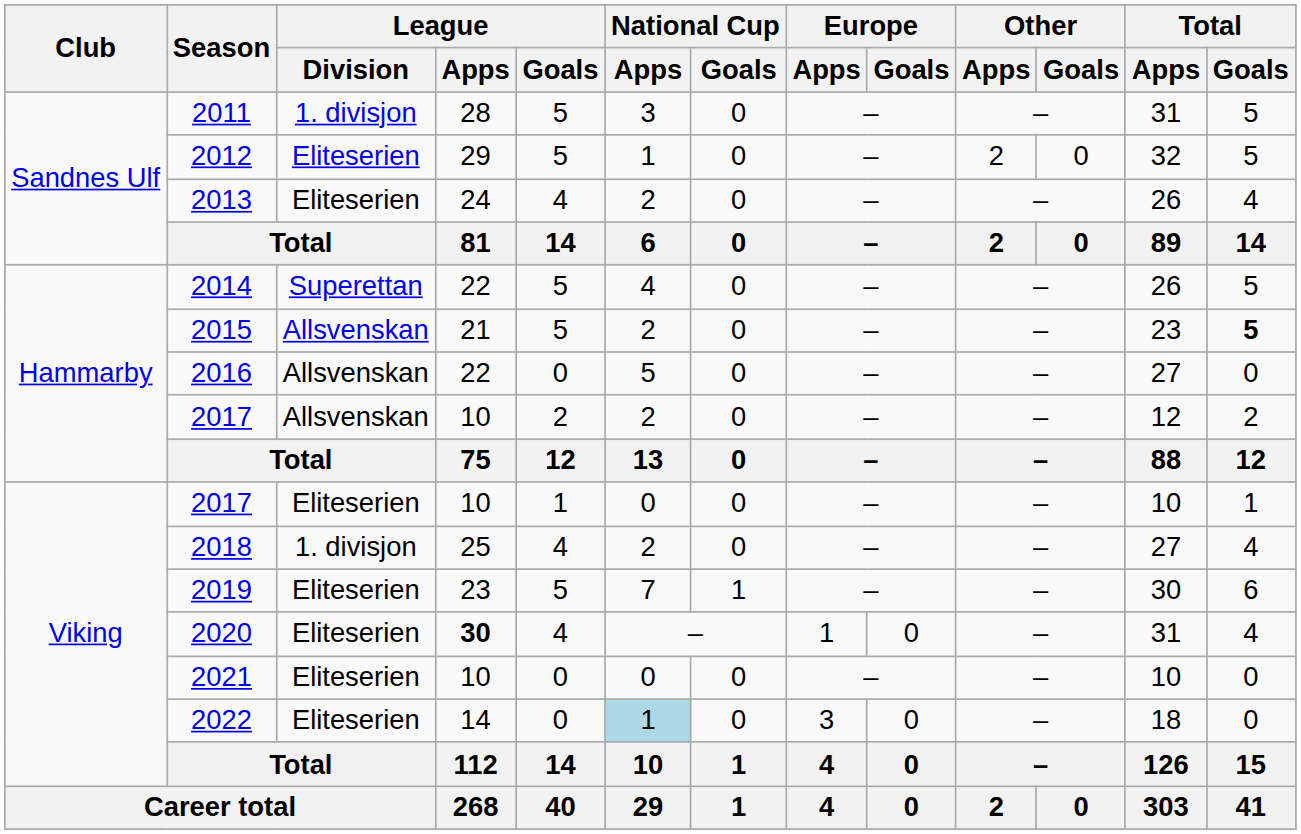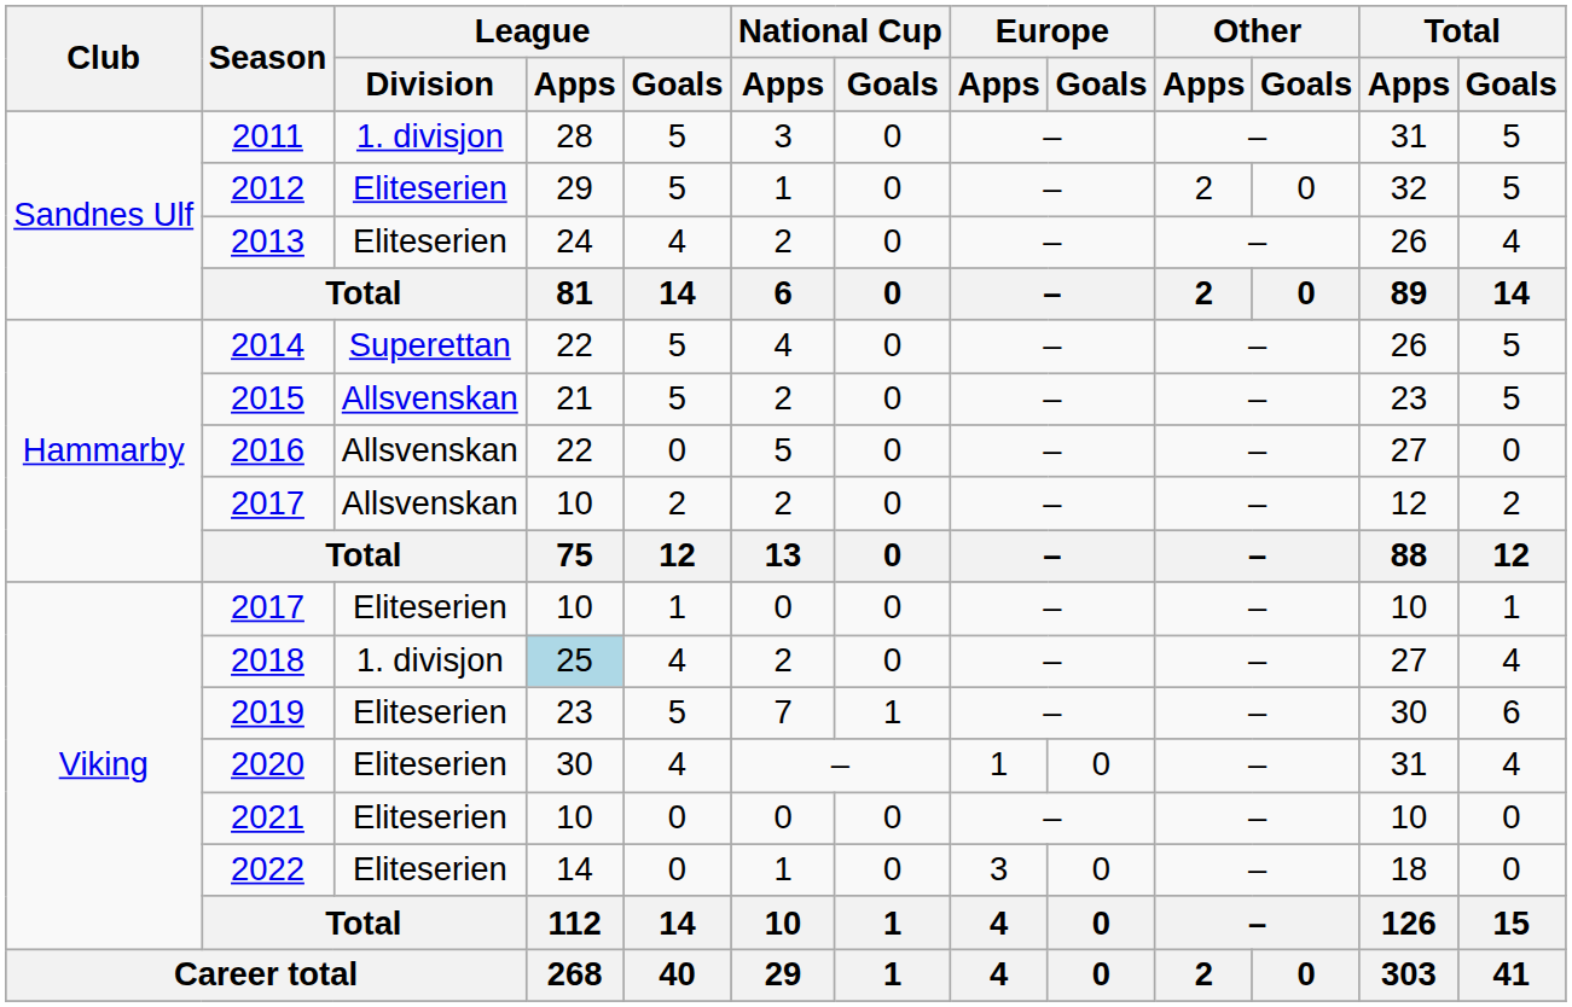 <table class="wikitable" style="text-align: center;">
 <tr>
 <th rowspan="2">Club</th>
 <th rowspan="2">Season</th>
 <th colspan="3">League</th>
 <th colspan="2">National Cup</th>
 <th colspan="2">Europe</th>
 <th colspan="2">Other</th>
 <th colspan="2">Total</th>
 </tr>
 <tr>
 <th>Division</th>
 <th>Apps</th>
 <th>Goals</th>
 <th>Apps</th>
 <th>Goals</th>
 <th>Apps</th>
 <th>Goals</th>
 <th>Apps</th>
 <th>Goals</th>
 <th>Apps</th>
 <th>Goals</th>
 </tr>
 <tr>
 <td rowspan="4"><a href='#'>Sandnes Ulf</a></td>
 <td><a href='#'>2011</a></td>
 <td><a href='#'>1. divisjon</a></td>
 <td>28</td>
 <td>5</td>
 <td>3</td>
 <td>0</td>
 <td colspan="2">–</td>
 <td colspan="2">–</td>
 <td>31</td>
 <td>5</td>
 </tr>
 <tr>
 <td><a href='#'>2012</a></td>
 <td><a href='#'>Eliteserien</a></td>
 <td>29</td>
 <td>5</td>
 <td>1</td>
 <td>0</td>
 <td colspan="2">–</td>
 <td>2</td>
 <td>0</td>
 <td>32</td>
 <td>5</td>
 </tr>
 <tr>
 <td><a href='#'>2013</a></td>
 <td>Eliteserien</td>
 <td>24</td>
 <td>4</td>
 <td>2</td>
 <td>0</td>
 <td colspan="2">–</td>
 <td colspan="2">–</td>
 <td>26</td>
 <td>4</td>
 </tr>
 <tr>
 <th colspan="2">Total</th>
 <th>81</th>
 <th>14</th>
 <th>6</th>
 <th>0</th>
 <th colspan="2">–</th>
 <th>2</th>
 <th>0</th>
 <th>89</th>
 <th>14</th>
 </tr>
 <tr>
 <td rowspan="5"><a href='#'>Hammarby</a></td>
 <td><a href='#'>2014</a></td>
 <td><a href='#'>Superettan</a></td>
 <td>22</td>
 <td>5</td>
 <td>4</td>
 <td>0</td>
 <td colspan="2">–</td>
 <td colspan="2">–</td>
 <td>26</td>
 <td>5</td>
 </tr>
 <tr>
 <td><a href='#'>2015</a></td>
 <td><a href='#'>Allsvenskan</a></td>
 <td>21</td>
 <td>5</td>
 <td>2</td>
 <td>0</td>
 <td colspan="2">–</td>
 <td colspan="2">–</td>
 <td>23</td>
-<td><strong>5</strong></td>
+<td>5</td>
 </tr>
 <tr>
 <td><a href='#'>2016</a></td>
 <td>Allsvenskan</td>
 <td>22</td>
 <td>0</td>
 <td>5</td>
 <td>0</td>
 <td colspan="2">–</td>
 <td colspan="2">–</td>
 <td>27</td>
 <td>0</td>
 </tr>
 <tr>
 <td><a href='#'>2017</a></td>
 <td>Allsvenskan</td>
 <td>10</td>
 <td>2</td>
 <td>2</td>
 <td>0</td>
 <td colspan="2">–</td>
 <td colspan="2">–</td>
 <td>12</td>
 <td>2</td>
 </tr>
 <tr>
 <th colspan="2">Total</th>
 <th>75</th>
 <th>12</th>
 <th>13</th>
 <th>0</th>
 <th colspan="2">–</th>
 <th colspan="2">–</th>
 <th>88</th>
 <th>12</th>
 </tr>
 <tr>
 <td rowspan="7"><a href='#'>Viking</a></td>
 <td><a href='#'>2017</a></td>
 <td>Eliteserien</td>
 <td>10</td>
 <td>1</td>
 <td>0</td>
 <td>0</td>
 <td colspan="2">–</td>
 <td colspan="2">–</td>
 <td>10</td>
 <td>1</td>
 </tr>
 <tr>
 <td><a href='#'>2018</a></td>
 <td>1. divisjon</td>
-<td>25</td>
+<td style="background: lightblue;">25</td>
 <td>4</td>
 <td>2</td>
 <td>0</td>
 <td colspan="2">–</td>
 <td colspan="2">–</td>
 <td>27</td>
 <td>4</td>
 </tr>
 <tr>
 <td><a href='#'>2019</a></td>
 <td>Eliteserien</td>
 <td>23</td>
 <td>5</td>
 <td>7</td>
 <td>1</td>
 <td colspan="2">–</td>
 <td colspan="2">–</td>
 <td>30</td>
 <td>6</td>
 </tr>
 <tr>
 <td><a href='#'>2020</a></td>
 <td>Eliteserien</td>
-<td><strong>30</strong></td>
+<td>30</td>
 <td>4</td>
 <td colspan="2">–</td>
 <td>1</td>
 <td>0</td>
 <td colspan="2">–</td>
 <td>31</td>
 <td>4</td>
 </tr>
 <tr>
 <td><a href='#'>2021</a></td>
 <td>Eliteserien</td>
 <td>10</td>
 <td>0</td>
 <td>0</td>
 <td>0</td>
 <td colspan="2">–</td>
 <td colspan="2">–</td>
 <td>10</td>
 <td>0</td>
 </tr>
 <tr>
 <td><a href='#'>2022</a></td>
 <td>Eliteserien</td>
 <td>14</td>
 <td>0</td>
-<td style="background: lightblue;">1</td>
+<td>1</td>
 <td>0</td>
 <td>3</td>
 <td>0</td>
 <td colspan="2">–</td>
 <td>18</td>
 <td>0</td>
 </tr>
 <tr>
 <th colspan="2">Total</th>
 <th>112</th>
 <th>14</th>
 <th>10</th>
 <th>1</th>
 <th>4</th>
 <th>0</th>
 <th colspan="2">–</th>
 <th>126</th>
 <th>15</th>
 </tr>
 <tr>
 <th colspan="3">Career total</th>
 <th>268</th>
 <th>40</th>
 <th>29</th>
 <th>1</th>
 <th>4</th>
 <th>0</th>
 <th>2</th>
 <th>0</th>
 <th>303</th>
 <th>41</th>
 </tr>
 </table>
